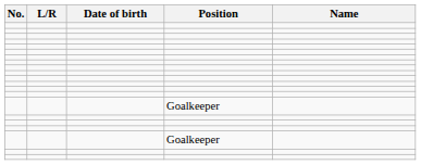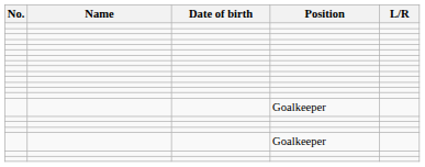 <table class="wikitable sortable" style=font-size:100%; text-align:center;>
 <tr>
 <th>No.</th>
-<th style=width:3em>L/R</th>
+<th style=width:12em>Name</th>
 <th style=width:8em>Date of birth</th>
 <th style=width:9em>Position</th>
-<th style=width:12em>Name</th>
+<th style=width:3em>L/R</th>
 </tr>
 <tr>
 <td></td>
-<td></td>
+<td align=left></td>
 <td align=right></td>
 <td></td>
-<td align=left></td>
+<td></td>
 </tr>
 <tr>
 <td></td>
-<td></td>
+<td align=left></td>
 <td align=right></td>
 <td></td>
-<td align=left></td>
+<td></td>
 </tr>
 <tr>
 <td></td>
-<td></td>
+<td align=left></td>
 <td align=right></td>
 <td></td>
-<td align=left></td>
+<td></td>
 </tr>
 <tr>
 <td></td>
-<td></td>
+<td align=left></td>
 <td align=right></td>
 <td></td>
-<td align=left></td>
+<td></td>
 </tr>
 <tr>
 <td></td>
-<td></td>
+<td align=left></td>
 <td align=right></td>
 <td></td>
-<td align=left></td>
+<td></td>
 </tr>
 <tr>
 <td></td>
-<td></td>
+<td align=left></td>
 <td align=right></td>
 <td></td>
-<td align=left></td>
+<td></td>
 </tr>
 <tr>
 <td></td>
-<td></td>
+<td align=left></td>
 <td align=right></td>
 <td></td>
-<td align=left></td>
+<td></td>
 </tr>
 <tr>
 <td></td>
-<td></td>
+<td align=left></td>
 <td align=right></td>
 <td></td>
-<td align=left></td>
+<td></td>
 </tr>
 <tr>
 <td></td>
-<td></td>
+<td align=left></td>
 <td align=right></td>
 <td></td>
-<td align=left></td>
+<td></td>
 </tr>
 <tr>
 <td></td>
-<td></td>
+<td align=left></td>
 <td align=right></td>
 <td></td>
-<td align=left></td>
+<td></td>
 </tr>
 <tr>
 <td></td>
-<td></td>
+<td align=left></td>
 <td align=right></td>
 <td></td>
-<td align=left></td>
+<td></td>
 </tr>
 <tr>
 <td></td>
-<td></td>
+<td align=left></td>
 <td align=right></td>
 <td></td>
-<td align=left></td>
+<td></td>
 </tr>
 <tr>
 <td></td>
-<td></td>
+<td align=left></td>
 <td align=right></td>
 <td></td>
-<td align=left></td>
+<td></td>
 </tr>
 <tr>
 <td></td>
-<td></td>
+<td align=left></td>
 <td align=right></td>
 <td></td>
-<td align=left></td>
+<td></td>
 </tr>
 <tr>
 <td></td>
-<td></td>
+<td align=left></td>
 <td align=right></td>
 <td>Goalkeeper</td>
-<td align=left></td>
+<td></td>
 </tr>
 <tr>
 <td></td>
-<td></td>
+<td align=left></td>
 <td align=right></td>
 <td></td>
-<td align=left></td>
+<td></td>
 </tr>
 <tr>
 <td></td>
-<td></td>
+<td align=left></td>
 <td align=right></td>
 <td></td>
-<td align=left></td>
+<td></td>
 </tr>
 <tr>
 <td></td>
-<td></td>
+<td align=left></td>
 <td align=right></td>
 <td></td>
-<td align=left></td>
+<td></td>
 </tr>
 <tr>
 <td></td>
-<td></td>
+<td align=left></td>
 <td align=right></td>
 <td>Goalkeeper</td>
-<td align=left></td>
+<td></td>
 </tr>
 <tr>
 <td></td>
-<td></td>
+<td align=left></td>
 <td align=right></td>
 <td></td>
-<td align=left></td>
+<td></td>
 </tr>
 <tr>
 <td></td>
-<td></td>
+<td align=left></td>
 <td align=right></td>
 <td></td>
-<td align=left></td>
+<td></td>
 </tr>
 </table>
